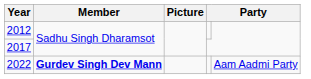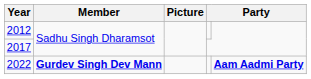 <table class="wikitable sortable">
 <tr>
 <th>Year</th>
 <th>Member</th>
 <th>Picture</th>
 <th colspan="2">Party</th>
 </tr>
 <tr>
 <td><a href='#'>2012</a></td>
 <td rowspan=2><a href='#'>Sadhu Singh Dharamsot</a></td>
 <td rowspan=2></td>
 <td></td>
 </tr>
 <tr>
 <td><a href='#'>2017</a></td>
 </tr>
 <tr>
 <td><a href='#'>2022</a></td>
 <td><strong><a href='#'>Gurdev Singh Dev Mann</a></strong></td>
 <td></td>
 <td style="background-color: "></td>
-<td><a href='#'>Aam Aadmi Party</a></td>
+<td><strong><a href='#'>Aam Aadmi Party</a></strong></td>
 </tr>
 </table>
